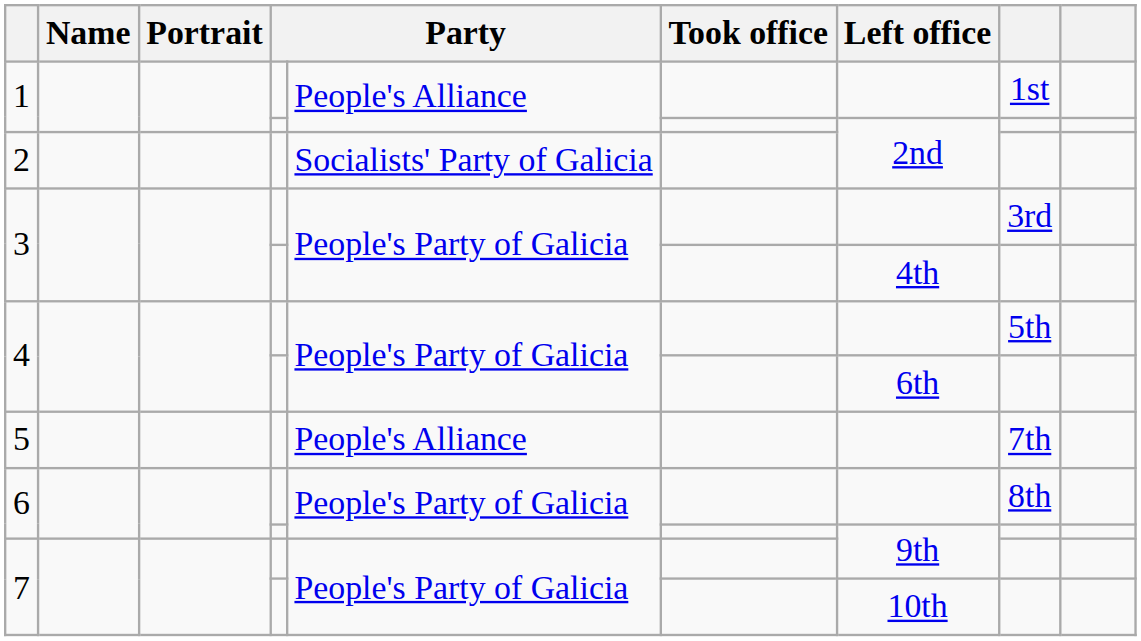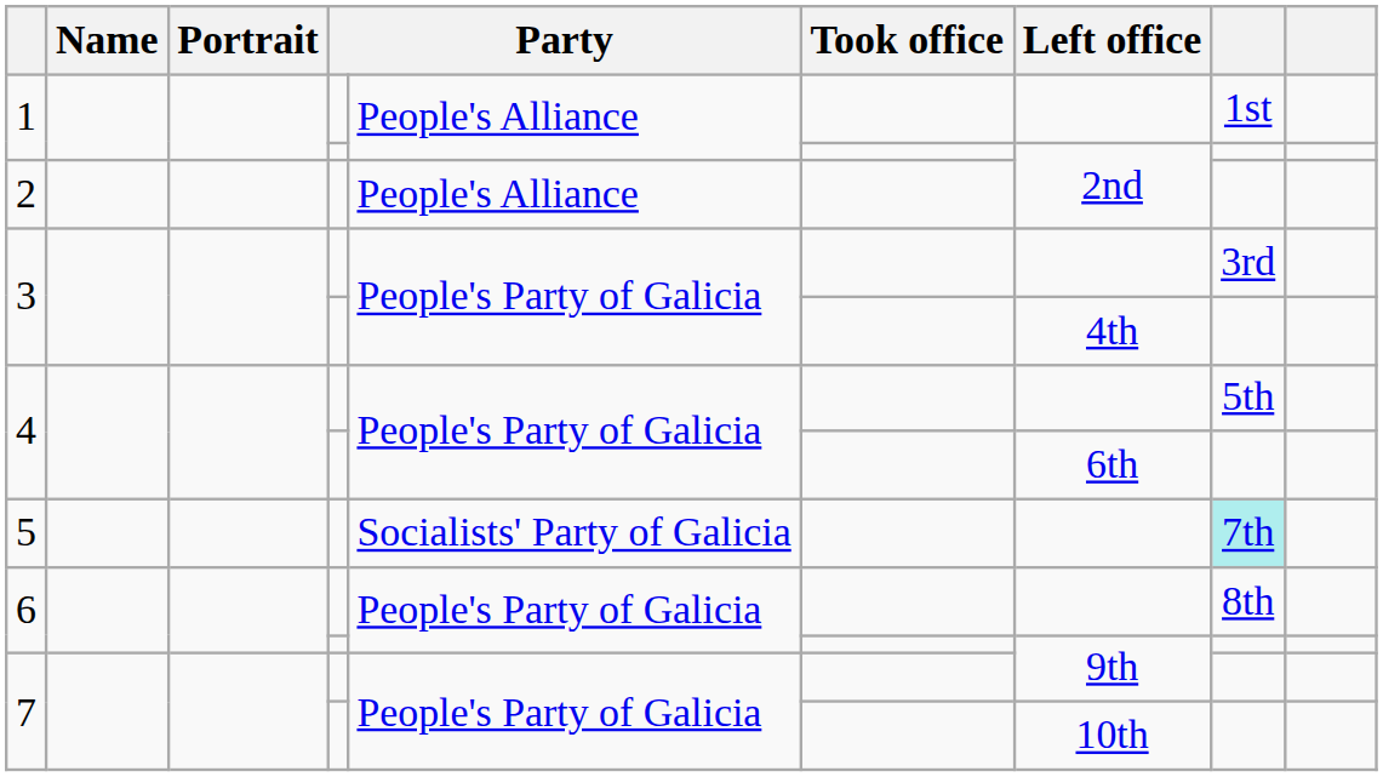 <table class="wikitable plainrowheaders sortable" style="font-size:90%; text-align:left;">
 <tr>
 <th scope=col></th>
 <th scope=col>Name</th>
 <th scope=col class=unsortable>Portrait</th>
 <th scope=col colspan="2">Party</th>
 <th scope=col>Took office</th>
 <th scope=col>Left office</th>
 <th scope=col></th>
 <th scope=col width=25px class=unsortable></th>
 </tr>
 <tr>
 <td rowspan=2>1</td>
 <td style="white-space: nowrap;" rowspan=2></td>
 <td align=center rowspan=2></td>
 <td !align="center" style="background:"></td>
 <td rowspan=2><a href='#'>People's Alliance</a></td>
 <td align=center></td>
 <td align=center></td>
 <td align=center><a href='#'>1st</a></td>
 <td align=center></td>
 </tr>
 <tr>
 <td align=center></td>
 <td align=center></td>
 <td align=center rowspan=2><a href='#'>2nd</a></td>
 <td align=center></td>
 </tr>
 <tr>
 <td>2</td>
 <td style="white-space: nowrap;"></td>
 <td align=center></td>
 <td !align="center" style="background:"></td>
-<td><a href='#'>Socialists' Party of Galicia</a></td>
+<td><a href='#'>People's Alliance</a></td>
 <td align=center></td>
 <td align=center></td>
 <td align=center></td>
 </tr>
 <tr>
 <td rowspan=2>3</td>
 <td style="white-space: nowrap;" rowspan=2></td>
 <td align=center rowspan=2></td>
 <td !align="center" style="background:"></td>
 <td rowspan=2><a href='#'>People's Party of Galicia</a></td>
 <td align=center></td>
 <td align=center></td>
 <td align=center><a href='#'>3rd</a></td>
 <td align=center></td>
 </tr>
 <tr>
 <td align=center></td>
 <td align=center></td>
 <td align=center><a href='#'>4th</a></td>
 <td align=center></td>
 </tr>
 <tr>
 <td rowspan=2>4</td>
 <td style="white-space: nowrap;" rowspan=2></td>
 <td align=center rowspan=2></td>
 <td !align="center" style="background:"></td>
 <td rowspan=2><a href='#'>People's Party of Galicia</a></td>
 <td align=center></td>
 <td align=center></td>
 <td align=center><a href='#'>5th</a></td>
 <td align=center></td>
 </tr>
 <tr>
 <td align=center></td>
 <td align=center></td>
 <td align=center><a href='#'>6th</a></td>
 <td align=center></td>
 </tr>
 <tr>
 <td>5</td>
 <td style="white-space: nowrap;"></td>
 <td align=center></td>
 <td !align="center" style="background:"></td>
-<td><a href='#'>People's Alliance</a></td>
+<td><a href='#'>Socialists' Party of Galicia</a></td>
 <td align=center></td>
 <td align=center></td>
-<td align=center><a href='#'>7th</a></td>
+<td align=center style="background: paleturquoise;"><a href='#'>7th</a></td>
 <td align=center></td>
 </tr>
 <tr>
 <td rowspan=2>6</td>
 <td style="white-space: nowrap;" rowspan=2></td>
 <td align=center rowspan=2></td>
 <td !align="center" style="background:"></td>
 <td rowspan=2><a href='#'>People's Party of Galicia</a></td>
 <td align=center></td>
 <td align=center></td>
 <td align=center><a href='#'>8th</a></td>
 <td align=center></td>
 </tr>
 <tr>
 <td align=center></td>
 <td align=center></td>
 <td align=center rowspan=2><a href='#'>9th</a></td>
 <td align=center></td>
 </tr>
 <tr>
 <td rowspan=2>7</td>
 <td style="white-space: nowrap;" rowspan=2></td>
 <td align=center rowspan=2></td>
 <td !align="center" style="background:"></td>
 <td rowspan=2><a href='#'>People's Party of Galicia</a></td>
 <td align=center></td>
 <td align=center></td>
 <td align=center></td>
 </tr>
 <tr>
 <td align=center></td>
 <td></td>
 <td align=center><a href='#'>10th</a></td>
 <td align=center></td>
 </tr>
 </table>
